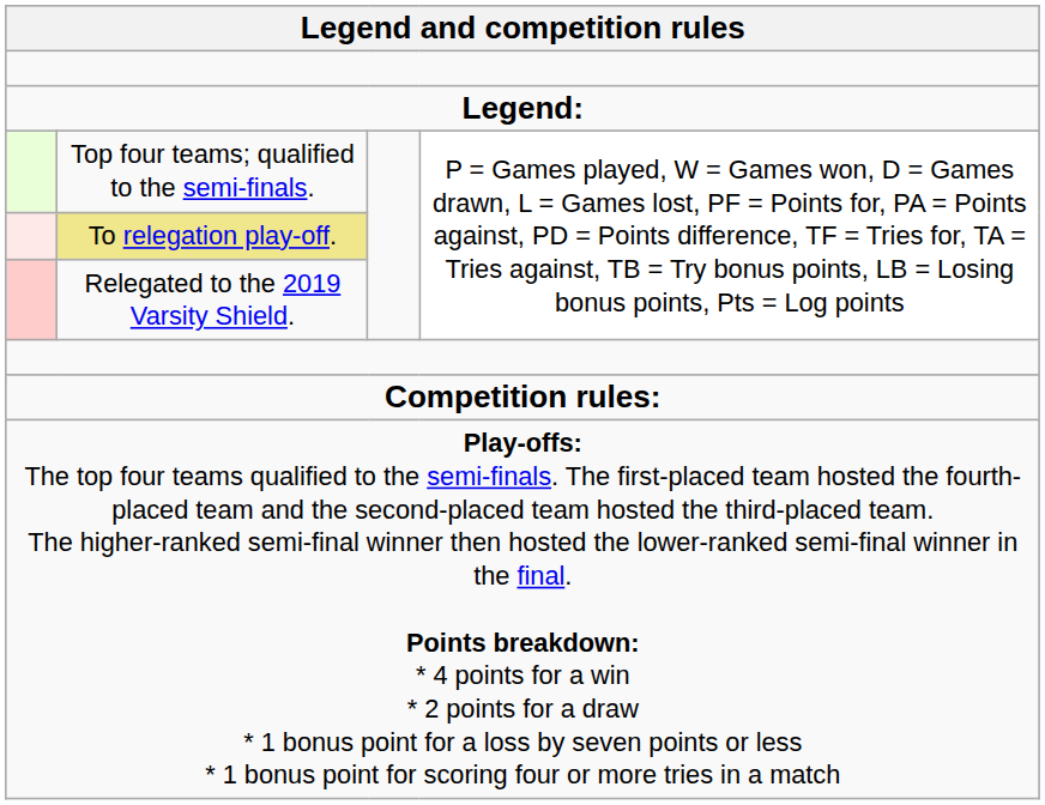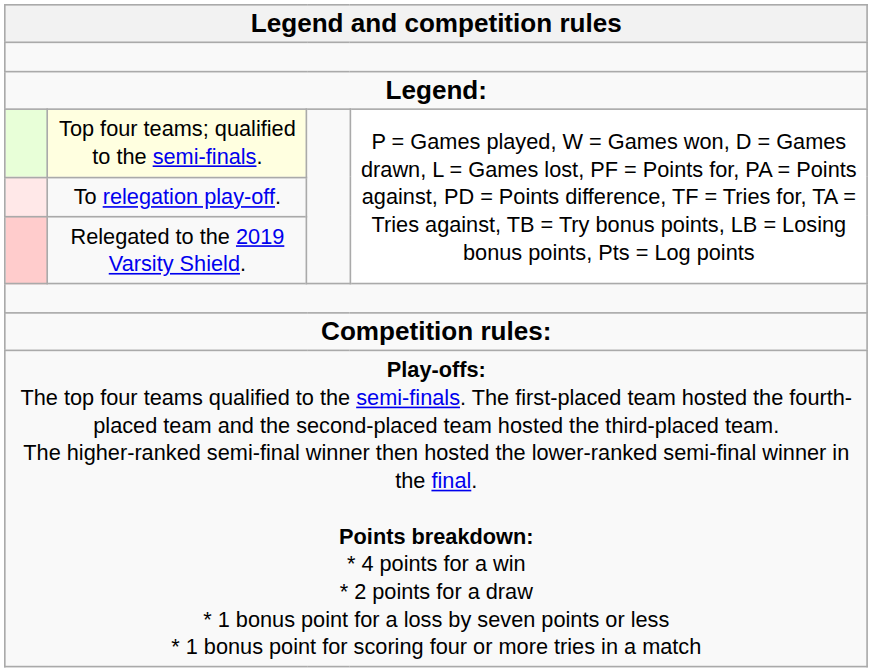 <table class="wikitable collapsible collapsed" style="text-align:center; line-height:100%; font-size:100%; width:60%;">
 <tr>
 <th colspan="100%" style="border:0px">Legend and competition rules</th>
 </tr>
 <tr>
 <td colspan="100%" style="height:10px"></td>
 </tr>
 <tr>
 <td colspan="100%" style="border:0px"><strong>Legend:</strong></td>
 </tr>
 <tr>
 <td style="height:10px; width:5%; background:#E8FFD8;"></td>
-<td style="width:30%;"><small>Top four teams; qualified to the <a href='#'>semi-finals</a>.</small></td>
+<td style="background: lightyellow; width:30%;"><small>Top four teams; qualified to the <a href='#'>semi-finals</a>.</small></td>
 <td rowspan="3" style="width:5%;"></td>
 <td rowspan="3" style="width:60%; background:#FFFFFF;"><small>P = Games played, W = Games won, D = Games drawn, L = Games lost, PF = Points for, PA = Points against, PD = Points difference, TF = Tries for, TA = Tries against, TB = Try bonus points, LB = Losing bonus points, Pts = Log points</small></td>
 </tr>
 <tr>
 <td style="height:10px; background:#FFE8E8;"></td>
-<td style="background: khaki;"><small>To <a href='#'>relegation play-off</a>.</small></td>
+<td><small>To <a href='#'>relegation play-off</a>.</small></td>
 </tr>
 <tr>
 <td style="height:10px; background:#FFCCCC;"></td>
 <td><small>Relegated to the <a href='#'>2019 Varsity Shield</a>.</small></td>
 </tr>
 <tr>
 <td colspan="100%" style="height:10px"></td>
 </tr>
 <tr>
 <td colspan="100%" style="border:0px"><strong>Competition rules:</strong></td>
 </tr>
 <tr>
 <td colspan="100%"><small><strong>Play-offs:</strong> <br> The top four teams qualified to the <a href='#'>semi-finals</a>. The first-placed team hosted the fourth-placed team and the second-placed team hosted the third-placed team. <br> The higher-ranked semi-final winner then hosted the lower-ranked semi-final winner in the <a href='#'>final</a>. <br> <br> <strong>Points breakdown:</strong> <br> * 4 points for a win <br> * 2 points for a draw <br> * 1 bonus point for a loss by seven points or less <br> * 1 bonus point for scoring four or more tries in a match</small></td>
 </tr>
 </table>
